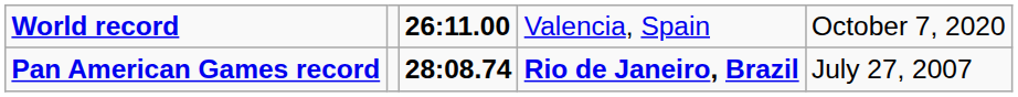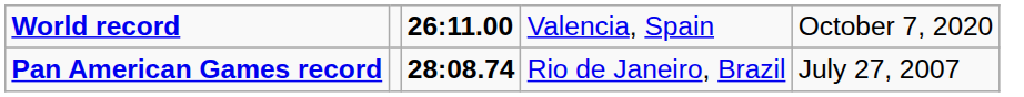 <table class="wikitable">
 <tr>
 <td><strong><a href='#'>World record</a></strong></td>
 <td></td>
 <td><strong>26:11.00</strong></td>
 <td><a href='#'>Valencia</a>, <a href='#'>Spain</a></td>
 <td>October 7, 2020</td>
 </tr>
 <tr>
 <td><strong><a href='#'>Pan American Games record</a></strong></td>
 <td></td>
 <td><strong>28:08.74</strong></td>
-<td><strong><a href='#'>Rio de Janeiro</a>, <a href='#'>Brazil</a></strong></td>
+<td><a href='#'>Rio de Janeiro</a>, <a href='#'>Brazil</a></td>
 <td>July 27, 2007</td>
 </tr>
 </table>
